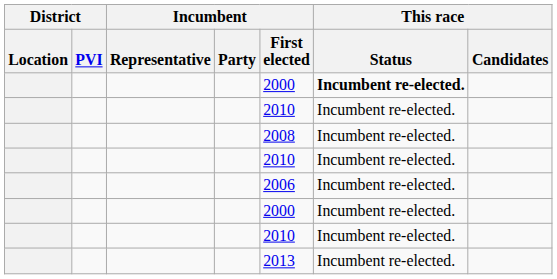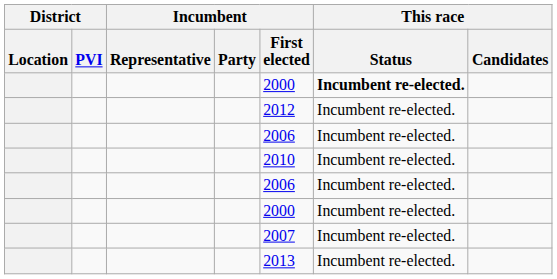 <table class="wikitable sortable">
 <tr valign=bottom>
 <th colspan=2>District</th>
 <th colspan=3>Incumbent</th>
 <th colspan=2>This race</th>
 </tr>
 <tr valign=bottom>
 <th>Location</th>
 <th><a href='#'>PVI</a></th>
 <th>Representative</th>
 <th>Party</th>
 <th>First<br>elected</th>
 <th>Status</th>
 <th>Candidates</th>
 </tr>
 <tr>
 <th></th>
 <td></td>
 <td></td>
 <td></td>
 <td><a href='#'>2000</a></td>
 <td><strong>Incumbent re-elected.</strong></td>
 <td nowrap></td>
 </tr>
 <tr>
 <th></th>
 <td></td>
 <td></td>
 <td></td>
-<td><a href='#'>2010</a></td>
+<td><a href='#'>2012</a></td>
 <td>Incumbent re-elected.</td>
 <td nowrap></td>
 </tr>
 <tr>
 <th></th>
 <td></td>
 <td></td>
 <td></td>
-<td><a href='#'>2008</a></td>
+<td><a href='#'>2006</a></td>
 <td>Incumbent re-elected.</td>
 <td nowrap></td>
 </tr>
 <tr>
 <th></th>
 <td></td>
 <td></td>
 <td></td>
 <td><a href='#'>2010</a></td>
 <td>Incumbent re-elected.</td>
 <td nowrap></td>
 </tr>
 <tr>
 <th></th>
 <td></td>
 <td></td>
 <td></td>
 <td><a href='#'>2006</a></td>
 <td>Incumbent re-elected.</td>
 <td nowrap></td>
 </tr>
 <tr>
 <th></th>
 <td></td>
 <td></td>
 <td></td>
 <td><a href='#'>2000</a></td>
 <td>Incumbent re-elected.</td>
 <td nowrap></td>
 </tr>
 <tr>
 <th></th>
 <td></td>
 <td></td>
 <td></td>
-<td><a href='#'>2010</a></td>
+<td><a href='#'>2007</a></td>
 <td>Incumbent re-elected.</td>
 <td nowrap></td>
 </tr>
 <tr>
 <th></th>
 <td></td>
 <td></td>
 <td></td>
 <td><a href='#'>2013 </a></td>
 <td>Incumbent re-elected.</td>
 <td nowrap></td>
 </tr>
 </table>
